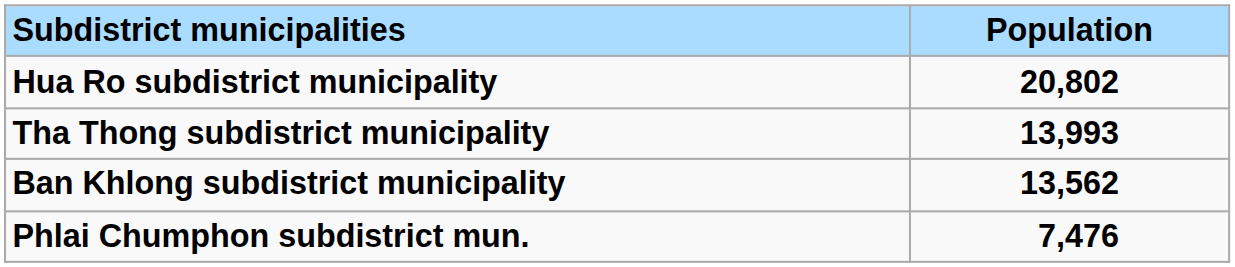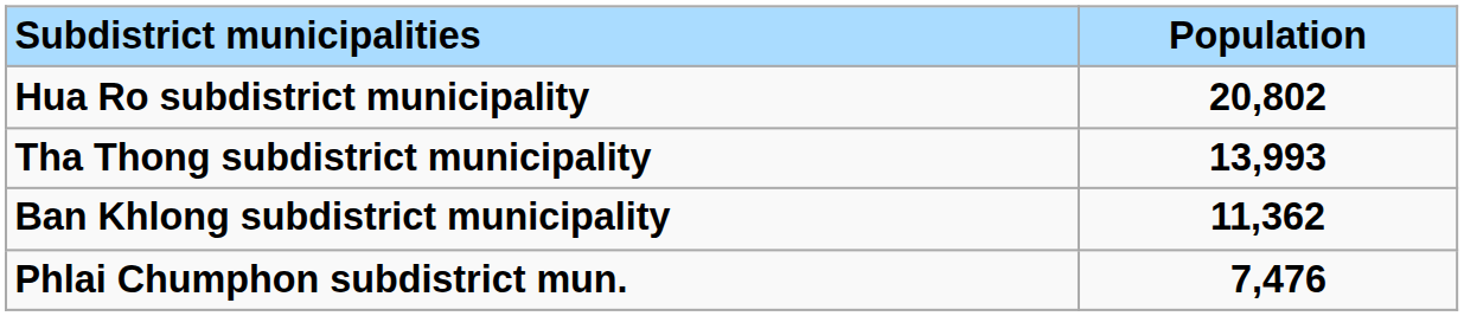 <table class="wikitable" style="width:48%; display:inline-table;">
 <tr>
 <th scope="col" style= "width:74%; background: #aadcff; text-align:left;"><strong>Subdistrict municipalities</strong></th>
 <th scope="col" style= "width:26%; background: #aadcff; text-align:center;"><strong>Population</strong></th>
 </tr>
 <tr>
 <td><strong>Hua Ro subdistrict municipality</strong></td>
 <td style="text-align:center;"><strong>20,802</strong></td>
 </tr>
 <tr>
 <td><strong>Tha Thong subdistrict municipality</strong></td>
 <td style="text-align:center;"><strong>13,993</strong></td>
 </tr>
 <tr>
 <td><strong>Ban Khlong subdistrict municipality</strong></td>
-<td style="text-align:center;"><strong>13,562</strong></td>
+<td style="text-align:center;"><strong>11,362</strong></td>
 </tr>
 <tr>
 <td><strong>Phlai Chumphon subdistrict mun.</strong></td>
 <td style="text-align:center;">  <strong>7,476</strong></td>
 </tr>
 </table>
